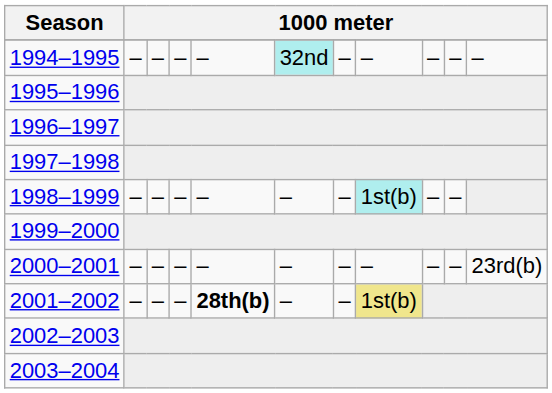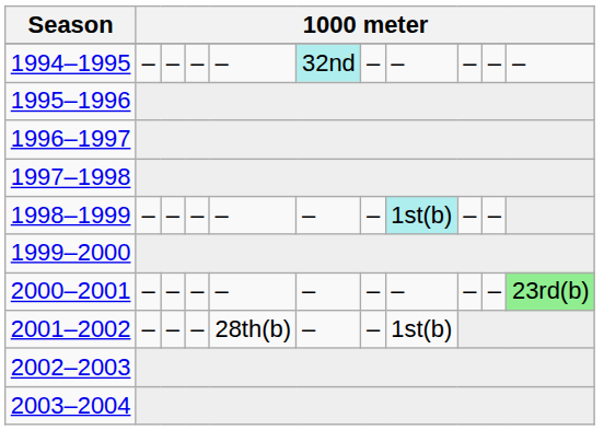 <table class="wikitable" style="display: inline-table;">
 <tr>
 <th>Season</th>
 <th colspan="10">1000 meter</th>
 </tr>
 <tr>
 </tr>
 <tr>
 <td><a href='#'>1994–1995</a></td>
 <td>–</td>
 <td>–</td>
 <td>–</td>
 <td>–</td>
 <td style="background: paleturquoise;">32nd</td>
 <td>–</td>
 <td>–</td>
 <td>–</td>
 <td>–</td>
 <td>–</td>
 </tr>
 <tr>
 <td><a href='#'>1995–1996</a></td>
 <td colspan="10" bgcolor=#EEEEEE></td>
 </tr>
 <tr>
 <td><a href='#'>1996–1997</a></td>
 <td colspan="10" bgcolor=#EEEEEE></td>
 </tr>
 <tr>
 <td><a href='#'>1997–1998</a></td>
 <td colspan="10" bgcolor=#EEEEEE></td>
 </tr>
 <tr>
 <td><a href='#'>1998–1999</a></td>
 <td>–</td>
 <td>–</td>
 <td>–</td>
 <td>–</td>
 <td>–</td>
 <td>–</td>
 <td style="background: paleturquoise;">1st(b)</td>
 <td>–</td>
 <td>–</td>
 <td colspan="1" bgcolor=#EEEEEE></td>
 </tr>
 <tr>
 <td><a href='#'>1999–2000</a></td>
 <td colspan="10" bgcolor=#EEEEEE></td>
 </tr>
 <tr>
 <td><a href='#'>2000–2001</a></td>
 <td>–</td>
 <td>–</td>
 <td>–</td>
 <td>–</td>
 <td>–</td>
 <td>–</td>
 <td>–</td>
 <td>–</td>
 <td>–</td>
-<td>23rd(b)</td>
+<td style="background: lightgreen;">23rd(b)</td>
 </tr>
 <tr>
 <td><a href='#'>2001–2002</a></td>
 <td>–</td>
 <td>–</td>
 <td>–</td>
-<td><strong>28th(b)</strong></td>
+<td>28th(b)</td>
 <td>–</td>
 <td>–</td>
-<td style="background: khaki;">1st(b)</td>
+<td>1st(b)</td>
 <td colspan="3" bgcolor=#EEEEEE></td>
 </tr>
 <tr>
 <td><a href='#'>2002–2003</a></td>
 <td colspan="10" bgcolor=#EEEEEE></td>
 </tr>
 <tr>
 <td><a href='#'>2003–2004</a></td>
 <td colspan="10" bgcolor=#EEEEEE></td>
 </tr>
 </table>
